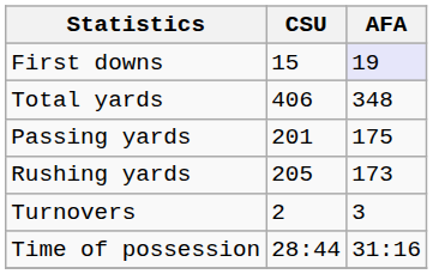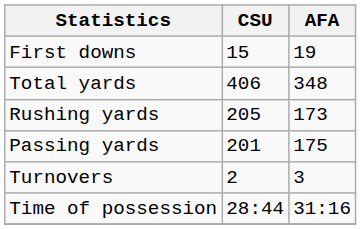 <table class="wikitable" style="float: left;">
 <tr>
 <th>Statistics</th>
 <th>CSU</th>
 <th>AFA</th>
 </tr>
 <tr>
 <td>First downs</td>
 <td>15</td>
-<td style="background: lavender;">19</td>
+<td>19</td>
 </tr>
 <tr>
 <td>Total yards</td>
 <td>406</td>
 <td>348</td>
 </tr>
 <tr>
+<td>Rushing yards</td>
+<td>205</td>
+<td>173</td>
+</tr>
+<tr>
 <td>Passing yards</td>
 <td>201</td>
 <td>175</td>
-</tr>
-<tr>
-<td>Rushing yards</td>
-<td>205</td>
-<td>173</td>
 </tr>
 <tr>
 <td>Turnovers</td>
 <td>2</td>
 <td>3</td>
 </tr>
 <tr>
 <td>Time of possession</td>
 <td>28:44</td>
 <td>31:16</td>
 </tr>
 <tr>
 </tr>
 </table>
